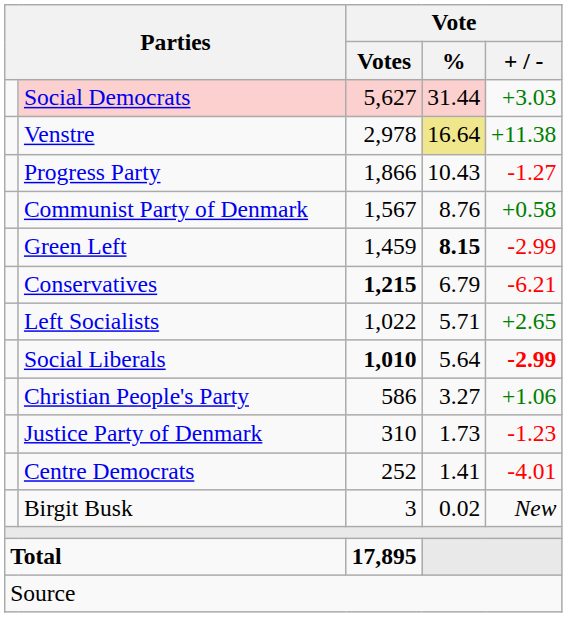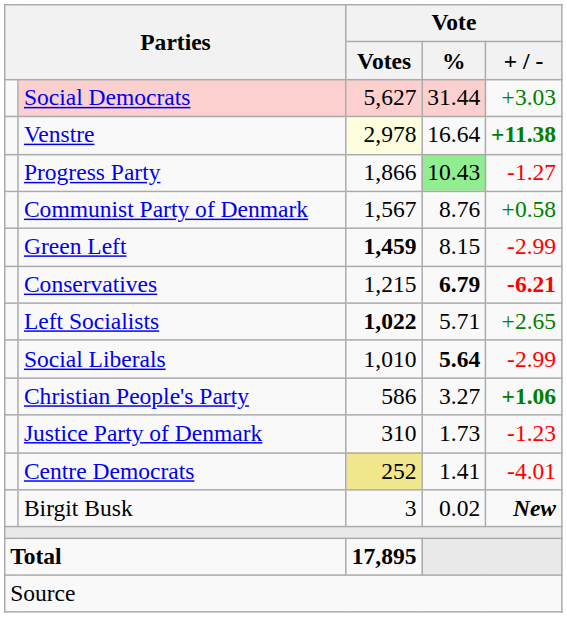 <table class="wikitable" style="text-align:right;">
 <tr>
 <th style="text-align:centre;" rowspan="2" colspan="2" width="225">Parties</th>
 <th colspan="3">Vote</th>
 </tr>
 <tr>
 <th width="15">Votes</th>
 <th width="15">%</th>
 <th width="15">+ / -</th>
 </tr>
 <tr>
 <td width="2" style="color:inherit;background:"></td>
 <td bgcolor=#fbd0ce  align="left"><a href='#'>Social Democrats</a></td>
 <td bgcolor=#fbd0ce>5,627</td>
 <td bgcolor=#fbd0ce>31.44</td>
 <td style=color:green;>+3.03</td>
 </tr>
 <tr>
 <td width="2" style="color:inherit;background:"></td>
 <td align="left"><a href='#'>Venstre</a></td>
-<td>2,978</td>
-<td style="background: khaki;">16.64</td>
-<td style=color:green;>+11.38</td>
+<td style="background: lightyellow;">2,978</td>
+<td>16.64</td>
+<td style=color:green;><strong>+11.38</strong></td>
 </tr>
 <tr>
 <td width="2" style="color:inherit;background:"></td>
 <td align="left"><a href='#'>Progress Party</a></td>
 <td>1,866</td>
-<td>10.43</td>
+<td style="background: lightgreen;">10.43</td>
 <td style=color:red;>-1.27</td>
 </tr>
 <tr>
 <td width="2" style="color:inherit;background:"></td>
 <td align="left"><a href='#'>Communist Party of Denmark</a></td>
 <td>1,567</td>
 <td>8.76</td>
 <td style=color:green;>+0.58</td>
 </tr>
 <tr>
 <td width="2" style="color:inherit;background:"></td>
 <td align="left"><a href='#'>Green Left</a></td>
-<td>1,459</td>
-<td><strong>8.15</strong></td>
+<td><strong>1,459</strong></td>
+<td>8.15</td>
 <td style=color:red;>-2.99</td>
 </tr>
 <tr>
 <td width="2" style="color:inherit;background:"></td>
 <td align="left"><a href='#'>Conservatives</a></td>
-<td><strong>1,215</strong></td>
-<td>6.79</td>
-<td style=color:red;>-6.21</td>
+<td>1,215</td>
+<td><strong>6.79</strong></td>
+<td style=color:red;><strong>-6.21</strong></td>
 </tr>
 <tr>
 <td width="2" style="color:inherit;background:"></td>
 <td align="left"><a href='#'>Left Socialists</a></td>
-<td>1,022</td>
+<td><strong>1,022</strong></td>
 <td>5.71</td>
 <td style=color:green;>+2.65</td>
 </tr>
 <tr>
 <td width="2" style="color:inherit;background:"></td>
 <td align="left"><a href='#'>Social Liberals</a></td>
-<td><strong>1,010</strong></td>
-<td>5.64</td>
-<td style=color:red;><strong>-2.99</strong></td>
+<td>1,010</td>
+<td><strong>5.64</strong></td>
+<td style=color:red;>-2.99</td>
 </tr>
 <tr>
 <td width="2" style="color:inherit;background:"></td>
 <td align="left"><a href='#'>Christian People's Party</a></td>
 <td>586</td>
 <td>3.27</td>
-<td style=color:green;>+1.06</td>
+<td style=color:green;><strong>+1.06</strong></td>
 </tr>
 <tr>
 <td width="2" style="color:inherit;background:"></td>
 <td align="left"><a href='#'>Justice Party of Denmark</a></td>
 <td>310</td>
 <td>1.73</td>
 <td style=color:red;>-1.23</td>
 </tr>
 <tr>
 <td width="2" style="color:inherit;background:"></td>
 <td align="left"><a href='#'>Centre Democrats</a></td>
-<td>252</td>
+<td style="background: khaki;">252</td>
 <td>1.41</td>
 <td style=color:red;>-4.01</td>
 </tr>
 <tr>
 <td width="2" style="color:inherit;background:"></td>
 <td align="left">Birgit Busk</td>
 <td>3</td>
 <td>0.02</td>
-<td><em>New</em></td>
+<td><strong><em>New</em></strong></td>
 </tr>
 <tr>
 <td colspan="7" bgcolor="#E9E9E9"></td>
 </tr>
 <tr>
 <td align="left" colspan="2"><strong>Total</strong></td>
 <td><strong>17,895</strong></td>
 <td bgcolor="#E9E9E9" colspan="2"></td>
 </tr>
 <tr>
 <td align="left" colspan="6">Source</td>
 </tr>
 </table>
